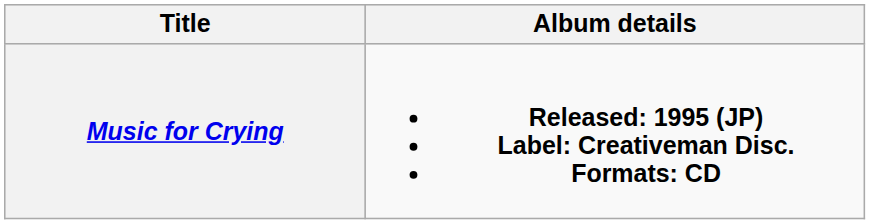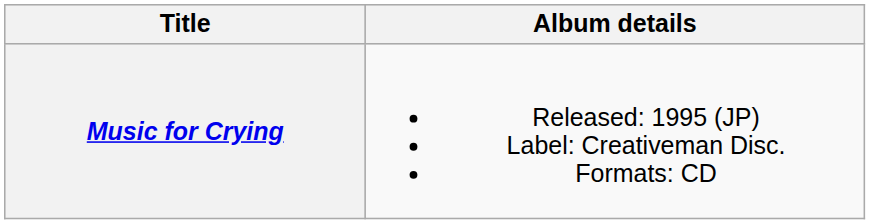 <table class="wikitable plainrowheaders" style="text-align:center;">
 <tr>
 <th scope="col" rowspan="1" style="width:14em;">Title</th>
 <th scope="col" rowspan="1" style="width:19.5em;">Album details</th>
 </tr>
 <tr>
 <th scope="row"><em><a href='#'>Music for Crying</a></em></th>
-<td><strong><br><ul><li>Released: 1995 <span>(JP)</span></li><li>Label: Creativeman Disc.</li><li>Formats: CD</li></ul></strong></td>
+<td><br><ul><li>Released: 1995 <span>(JP)</span></li><li>Label: Creativeman Disc.</li><li>Formats: CD</li></ul></td>
 </tr>
 </table>
